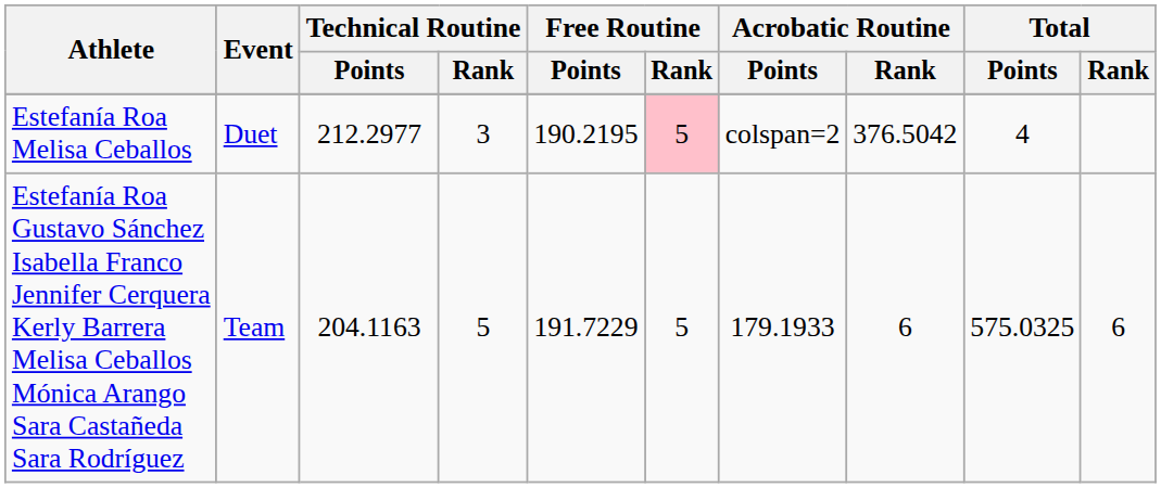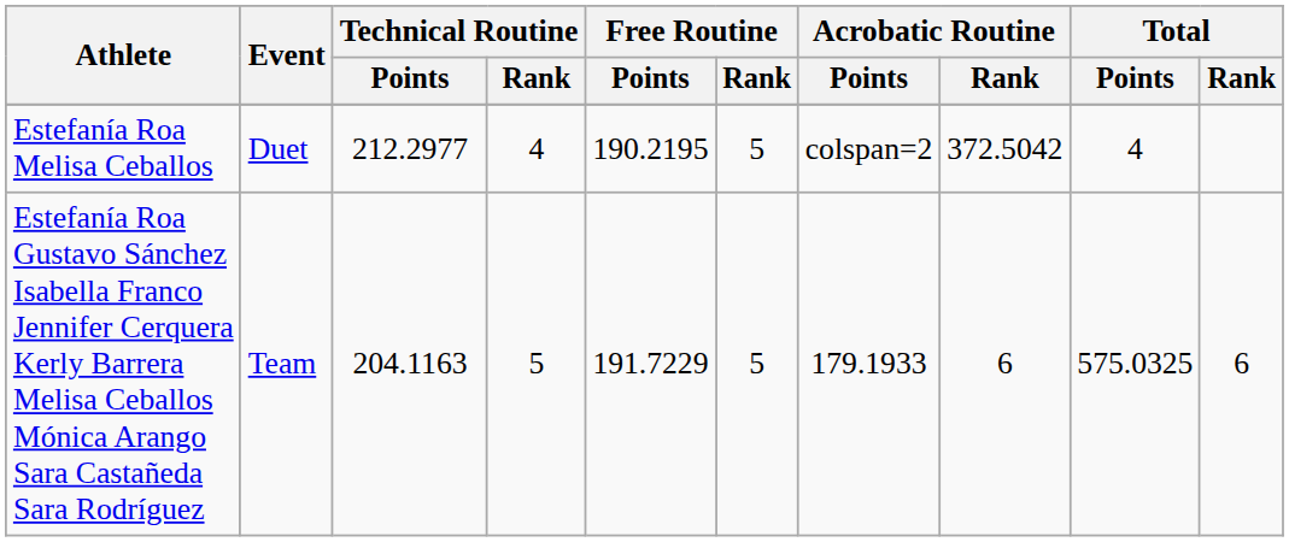 <table class=wikitable style="font-size:90%">
 <tr>
 <th rowspan="2">Athlete</th>
 <th rowspan="2">Event</th>
 <th colspan="2">Technical Routine</th>
 <th colspan="2">Free Routine</th>
 <th colspan="2">Acrobatic Routine</th>
 <th colspan="2">Total</th>
 </tr>
 <tr style=font-size:95%>
 <th>Points</th>
 <th>Rank</th>
 <th>Points</th>
 <th>Rank</th>
 <th>Points</th>
 <th>Rank</th>
 <th>Points</th>
 <th>Rank</th>
 </tr>
 <tr>
 </tr>
 <tr align=center>
 <td align=left><a href='#'>Estefanía Roa</a><br><a href='#'>Melisa Ceballos</a></td>
 <td align=left><a href='#'>Duet</a></td>
 <td>212.2977</td>
-<td>3</td>
+<td>4</td>
 <td>190.2195</td>
-<td style="background: pink;">5</td>
+<td>5</td>
 <td>colspan=2 </td>
-<td>376.5042</td>
+<td>372.5042</td>
 <td>4</td>
 </tr>
 <tr align=center>
 <td align=left><a href='#'>Estefanía Roa</a><br><a href='#'>Gustavo Sánchez</a><br><a href='#'>Isabella Franco</a><br><a href='#'>Jennifer Cerquera</a><br><a href='#'>Kerly Barrera</a><br><a href='#'>Melisa Ceballos</a><br><a href='#'>Mónica Arango</a><br><a href='#'>Sara Castañeda</a><br><a href='#'>Sara Rodríguez</a></td>
 <td align=left><a href='#'>Team</a></td>
 <td>204.1163</td>
 <td>5</td>
 <td>191.7229</td>
 <td>5</td>
 <td>179.1933</td>
 <td>6</td>
 <td>575.0325</td>
 <td>6</td>
 </tr>
 </table>
